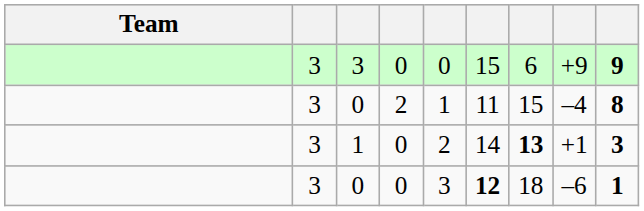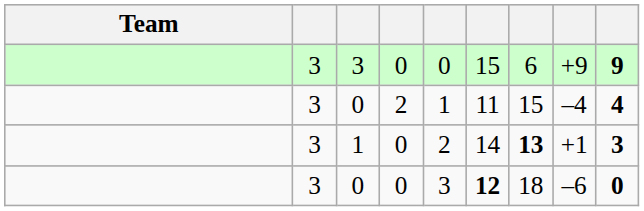 <table class="wikitable" style="text-align: center;">
 <tr>
 <th style="width:175px;">Team</th>
 <th width="20"></th>
 <th width="20"></th>
 <th width="20"></th>
 <th width="20"></th>
 <th width="20"></th>
 <th width="20"></th>
 <th width="20"></th>
 <th width="20"></th>
 </tr>
 <tr style="background:#cfc;">
 <td align=left></td>
 <td>3</td>
 <td>3</td>
 <td>0</td>
 <td>0</td>
 <td>15</td>
 <td>6</td>
 <td>+9</td>
 <td><strong>9</strong></td>
 </tr>
 <tr>
 <td align=left></td>
 <td>3</td>
 <td>0</td>
 <td>2</td>
 <td>1</td>
 <td>11</td>
 <td>15</td>
 <td>–4</td>
-<td><strong>8</strong></td>
+<td><strong>4</strong></td>
 </tr>
 <tr>
 <td align=left></td>
 <td>3</td>
 <td>1</td>
 <td>0</td>
 <td>2</td>
 <td>14</td>
 <td><strong>13</strong></td>
 <td>+1</td>
 <td><strong>3</strong></td>
 </tr>
 <tr>
 <td align=left></td>
 <td>3</td>
 <td>0</td>
 <td>0</td>
 <td>3</td>
 <td><strong>12</strong></td>
 <td>18</td>
 <td>–6</td>
-<td><strong>1</strong></td>
+<td><strong>0</strong></td>
 </tr>
 </table>
